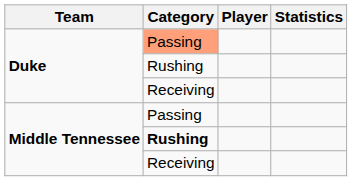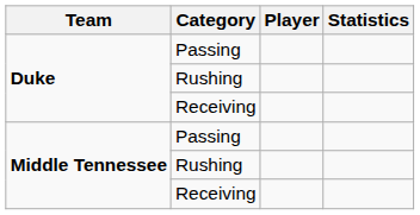 <table class="wikitable" style="float: right;">
 <tr>
 <th>Team</th>
 <th>Category</th>
 <th>Player</th>
 <th>Statistics</th>
 </tr>
 <tr>
 <td rowspan=3><strong>Duke</strong></td>
-<td style="background: lightsalmon;">Passing</td>
+<td>Passing</td>
 <td></td>
 <td></td>
 </tr>
 <tr>
 <td>Rushing</td>
 <td></td>
 <td></td>
 </tr>
 <tr>
 <td>Receiving</td>
 <td></td>
 <td></td>
 </tr>
 <tr>
 <td rowspan=3><strong>Middle Tennessee</strong></td>
 <td>Passing</td>
 <td></td>
 <td></td>
 </tr>
 <tr>
-<td><strong>Rushing</strong></td>
+<td>Rushing</td>
 <td></td>
 <td></td>
 </tr>
 <tr>
 <td>Receiving</td>
 <td></td>
 <td></td>
 </tr>
 </table>
